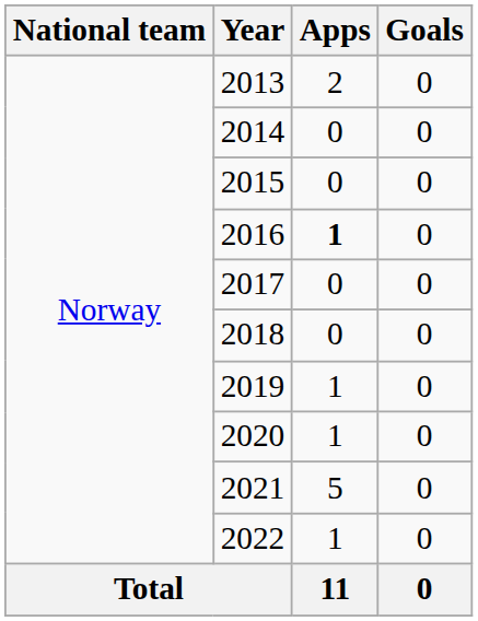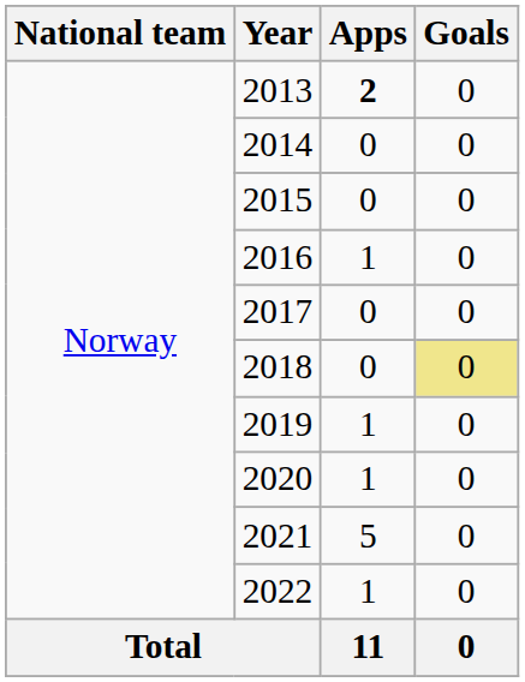 <table class="wikitable" style="text-align:center">
 <tr>
 <th>National team</th>
 <th>Year</th>
 <th>Apps</th>
 <th>Goals</th>
 </tr>
 <tr>
 <td rowspan="10"><a href='#'>Norway</a></td>
 <td>2013</td>
-<td>2</td>
+<td><strong>2</strong></td>
 <td>0</td>
 </tr>
 <tr>
 <td>2014</td>
 <td>0</td>
 <td>0</td>
 </tr>
 <tr>
 <td>2015</td>
 <td>0</td>
 <td>0</td>
 </tr>
 <tr>
 <td>2016</td>
-<td><strong>1</strong></td>
+<td>1</td>
 <td>0</td>
 </tr>
 <tr>
 <td>2017</td>
 <td>0</td>
 <td>0</td>
 </tr>
 <tr>
 <td>2018</td>
 <td>0</td>
-<td>0</td>
+<td style="background: khaki;">0</td>
 </tr>
 <tr>
 <td>2019</td>
 <td>1</td>
 <td>0</td>
 </tr>
 <tr>
 <td>2020</td>
 <td>1</td>
 <td>0</td>
 </tr>
 <tr>
 <td>2021</td>
 <td>5</td>
 <td>0</td>
 </tr>
 <tr>
 <td>2022</td>
 <td>1</td>
 <td>0</td>
 </tr>
 <tr>
 <th colspan="2">Total</th>
 <th>11</th>
 <th>0</th>
 </tr>
 </table>
